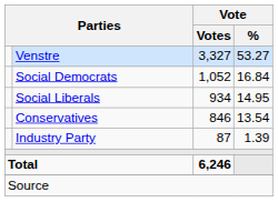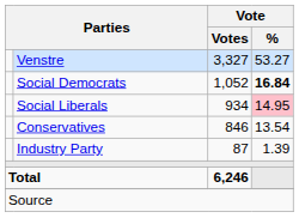 <table class="wikitable" style="text-align:right;">
 <tr>
 <th style="text-align:centre;" rowspan="2" colspan="2" width="225">Parties</th>
 <th colspan="3">Vote</th>
 </tr>
 <tr>
 <th width="15">Votes</th>
 <th width="15">%</th>
 </tr>
 <tr>
 <td width="2" style="color:inherit;background:"></td>
 <td bgcolor=#cfe5fe  align="left"><a href='#'>Venstre</a></td>
 <td bgcolor=#cfe5fe>3,327</td>
 <td bgcolor=#cfe5fe>53.27</td>
 </tr>
 <tr>
 <td width="2" style="color:inherit;background:"></td>
 <td align="left"><a href='#'>Social Democrats</a></td>
 <td>1,052</td>
-<td>16.84</td>
+<td><strong>16.84</strong></td>
 </tr>
 <tr>
 <td width="2" style="color:inherit;background:"></td>
 <td align="left"><a href='#'>Social Liberals</a></td>
 <td>934</td>
-<td>14.95</td>
+<td style="background: pink;">14.95</td>
 </tr>
 <tr>
 <td width="2" style="color:inherit;background:"></td>
 <td align="left"><a href='#'>Conservatives</a></td>
 <td>846</td>
 <td>13.54</td>
 </tr>
 <tr>
 <td width="2" style="color:inherit;background:"></td>
 <td align="left"><a href='#'>Industry Party</a></td>
 <td>87</td>
 <td>1.39</td>
 </tr>
 <tr>
 <td colspan="7" bgcolor="#E9E9E9"></td>
 </tr>
 <tr>
 <td align="left" colspan="2"><strong>Total</strong></td>
 <td><strong>6,246</strong></td>
 <td bgcolor="#E9E9E9" colspan="2"></td>
 </tr>
 <tr>
 </tr>
 <tr>
 <td align="left" colspan="6">Source</td>
 </tr>
 </table>
